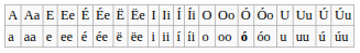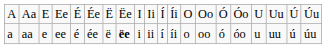 <table class="wikitable sortable">
 <tr>
 <td>A</td>
 <td>Aa</td>
 <td>E</td>
 <td>Ee</td>
 <td>É</td>
 <td>Ée</td>
 <td>Ë</td>
 <td>Ëe</td>
 <td>I</td>
 <td>Ii</td>
 <td>Í</td>
 <td>Íi</td>
 <td>O</td>
 <td>Oo</td>
 <td>Ó</td>
 <td>Óo</td>
 <td>U</td>
 <td>Uu</td>
 <td>Ú</td>
 <td>Úu</td>
 </tr>
 <tr>
 <td>a</td>
 <td>aa</td>
 <td>e</td>
 <td>ee</td>
 <td>é</td>
 <td>ée</td>
 <td>ë</td>
-<td>ëe</td>
+<td><strong>ëe</strong></td>
 <td>i</td>
 <td>ii</td>
 <td>í</td>
 <td>íi</td>
 <td>o</td>
 <td>oo</td>
-<td><strong>ó</strong></td>
+<td>ó</td>
 <td>óo</td>
 <td>u</td>
 <td>uu</td>
 <td>ú</td>
 <td>úu</td>
 </tr>
 </table>
